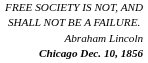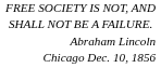 <table style = border="0">
 <tr>
 <td align="center"><em>FREE SOCIETY IS NOT, AND</em></td>
 </tr>
 <tr>
 <td align="center"><em>SHALL NOT BE A FAILURE.</em></td>
 </tr>
 <tr>
 <td align="right"><em>Abraham Lincoln</em></td>
 </tr>
 <tr>
-<td align="right"><strong><em>Chicago Dec. 10, 1856</em></strong></td>
+<td align="right"><em>Chicago Dec. 10, 1856</em></td>
 </tr>
 </table>
